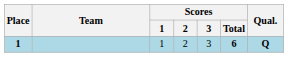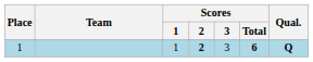 <table class=wikitable style="text-align:center">
 <tr>
 <th width=20 rowspan=2>Place</th>
 <th width=180 rowspan=2>Team</th>
 <th colspan=4>Scores</th>
 <th width=50 rowspan=2>Qual.</th>
 </tr>
 <tr>
 <th width=30>1</th>
 <th width=30>2</th>
 <th width=30>3</th>
 <th>Total</th>
 </tr>
 <tr bgcolor=lightblue>
-<td><strong>1</strong></td>
+<td>1</td>
 <td align=left></td>
 <td>1</td>
-<td>2</td>
+<td><strong>2</strong></td>
 <td>3</td>
 <td><strong>6</strong></td>
 <td><strong>Q</strong></td>
 </tr>
 </table>
